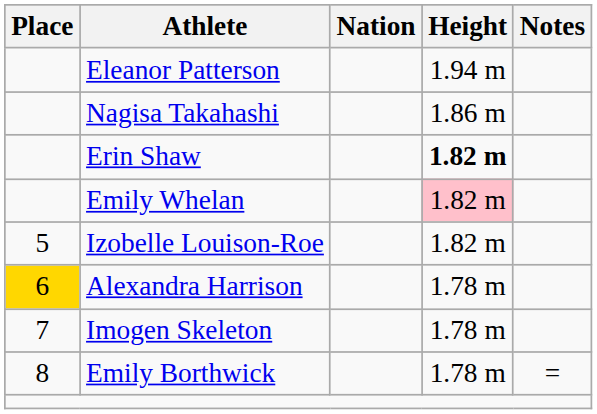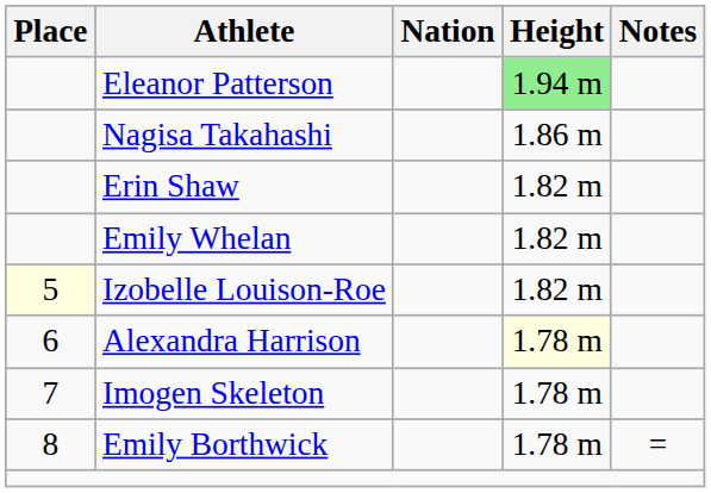 <table class="wikitable mw-datatable sortable" style="text-align:center;">
 <tr>
 <th scope="col">Place</th>
 <th scope="col">Athlete</th>
 <th scope="col">Nation</th>
 <th scope="col">Height</th>
 <th scope="col">Notes</th>
 </tr>
 <tr>
 <td></td>
 <td align="left"><a href='#'>Eleanor Patterson</a></td>
 <td align="left"></td>
-<td>1.94 m</td>
+<td style="background: lightgreen;">1.94 m</td>
 <td></td>
 </tr>
 <tr>
 <td></td>
 <td align="left"><a href='#'>Nagisa Takahashi</a></td>
 <td align="left"></td>
 <td>1.86 m</td>
 <td></td>
 </tr>
 <tr>
 <td></td>
 <td align="left"><a href='#'>Erin Shaw</a></td>
 <td align="left"></td>
-<td><strong>1.82 m</strong></td>
+<td>1.82 m</td>
 <td></td>
 </tr>
 <tr>
 <td></td>
 <td align="left"><a href='#'>Emily Whelan</a></td>
 <td align="left"></td>
-<td style="background: pink;">1.82 m</td>
+<td>1.82 m</td>
 <td></td>
 </tr>
 <tr>
-<td>5</td>
+<td style="background: lightyellow;">5</td>
 <td align="left"><a href='#'>Izobelle Louison-Roe</a></td>
 <td align="left"></td>
 <td>1.82 m</td>
 <td></td>
 </tr>
 <tr>
-<td style="background: gold;">6</td>
+<td>6</td>
 <td align="left"><a href='#'>Alexandra Harrison</a></td>
 <td align="left"></td>
-<td>1.78 m</td>
+<td style="background: lightyellow;">1.78 m</td>
 <td></td>
 </tr>
 <tr>
 <td>7</td>
 <td align="left"><a href='#'>Imogen Skeleton</a></td>
 <td align="left"></td>
 <td>1.78 m</td>
 <td></td>
 </tr>
 <tr>
 <td>8</td>
 <td align="left"><a href='#'>Emily Borthwick</a></td>
 <td align="left"></td>
 <td>1.78 m</td>
 <td>=</td>
 </tr>
 <tr class="sortbottom">
 <td colspan="5"></td>
 </tr>
 </table>
